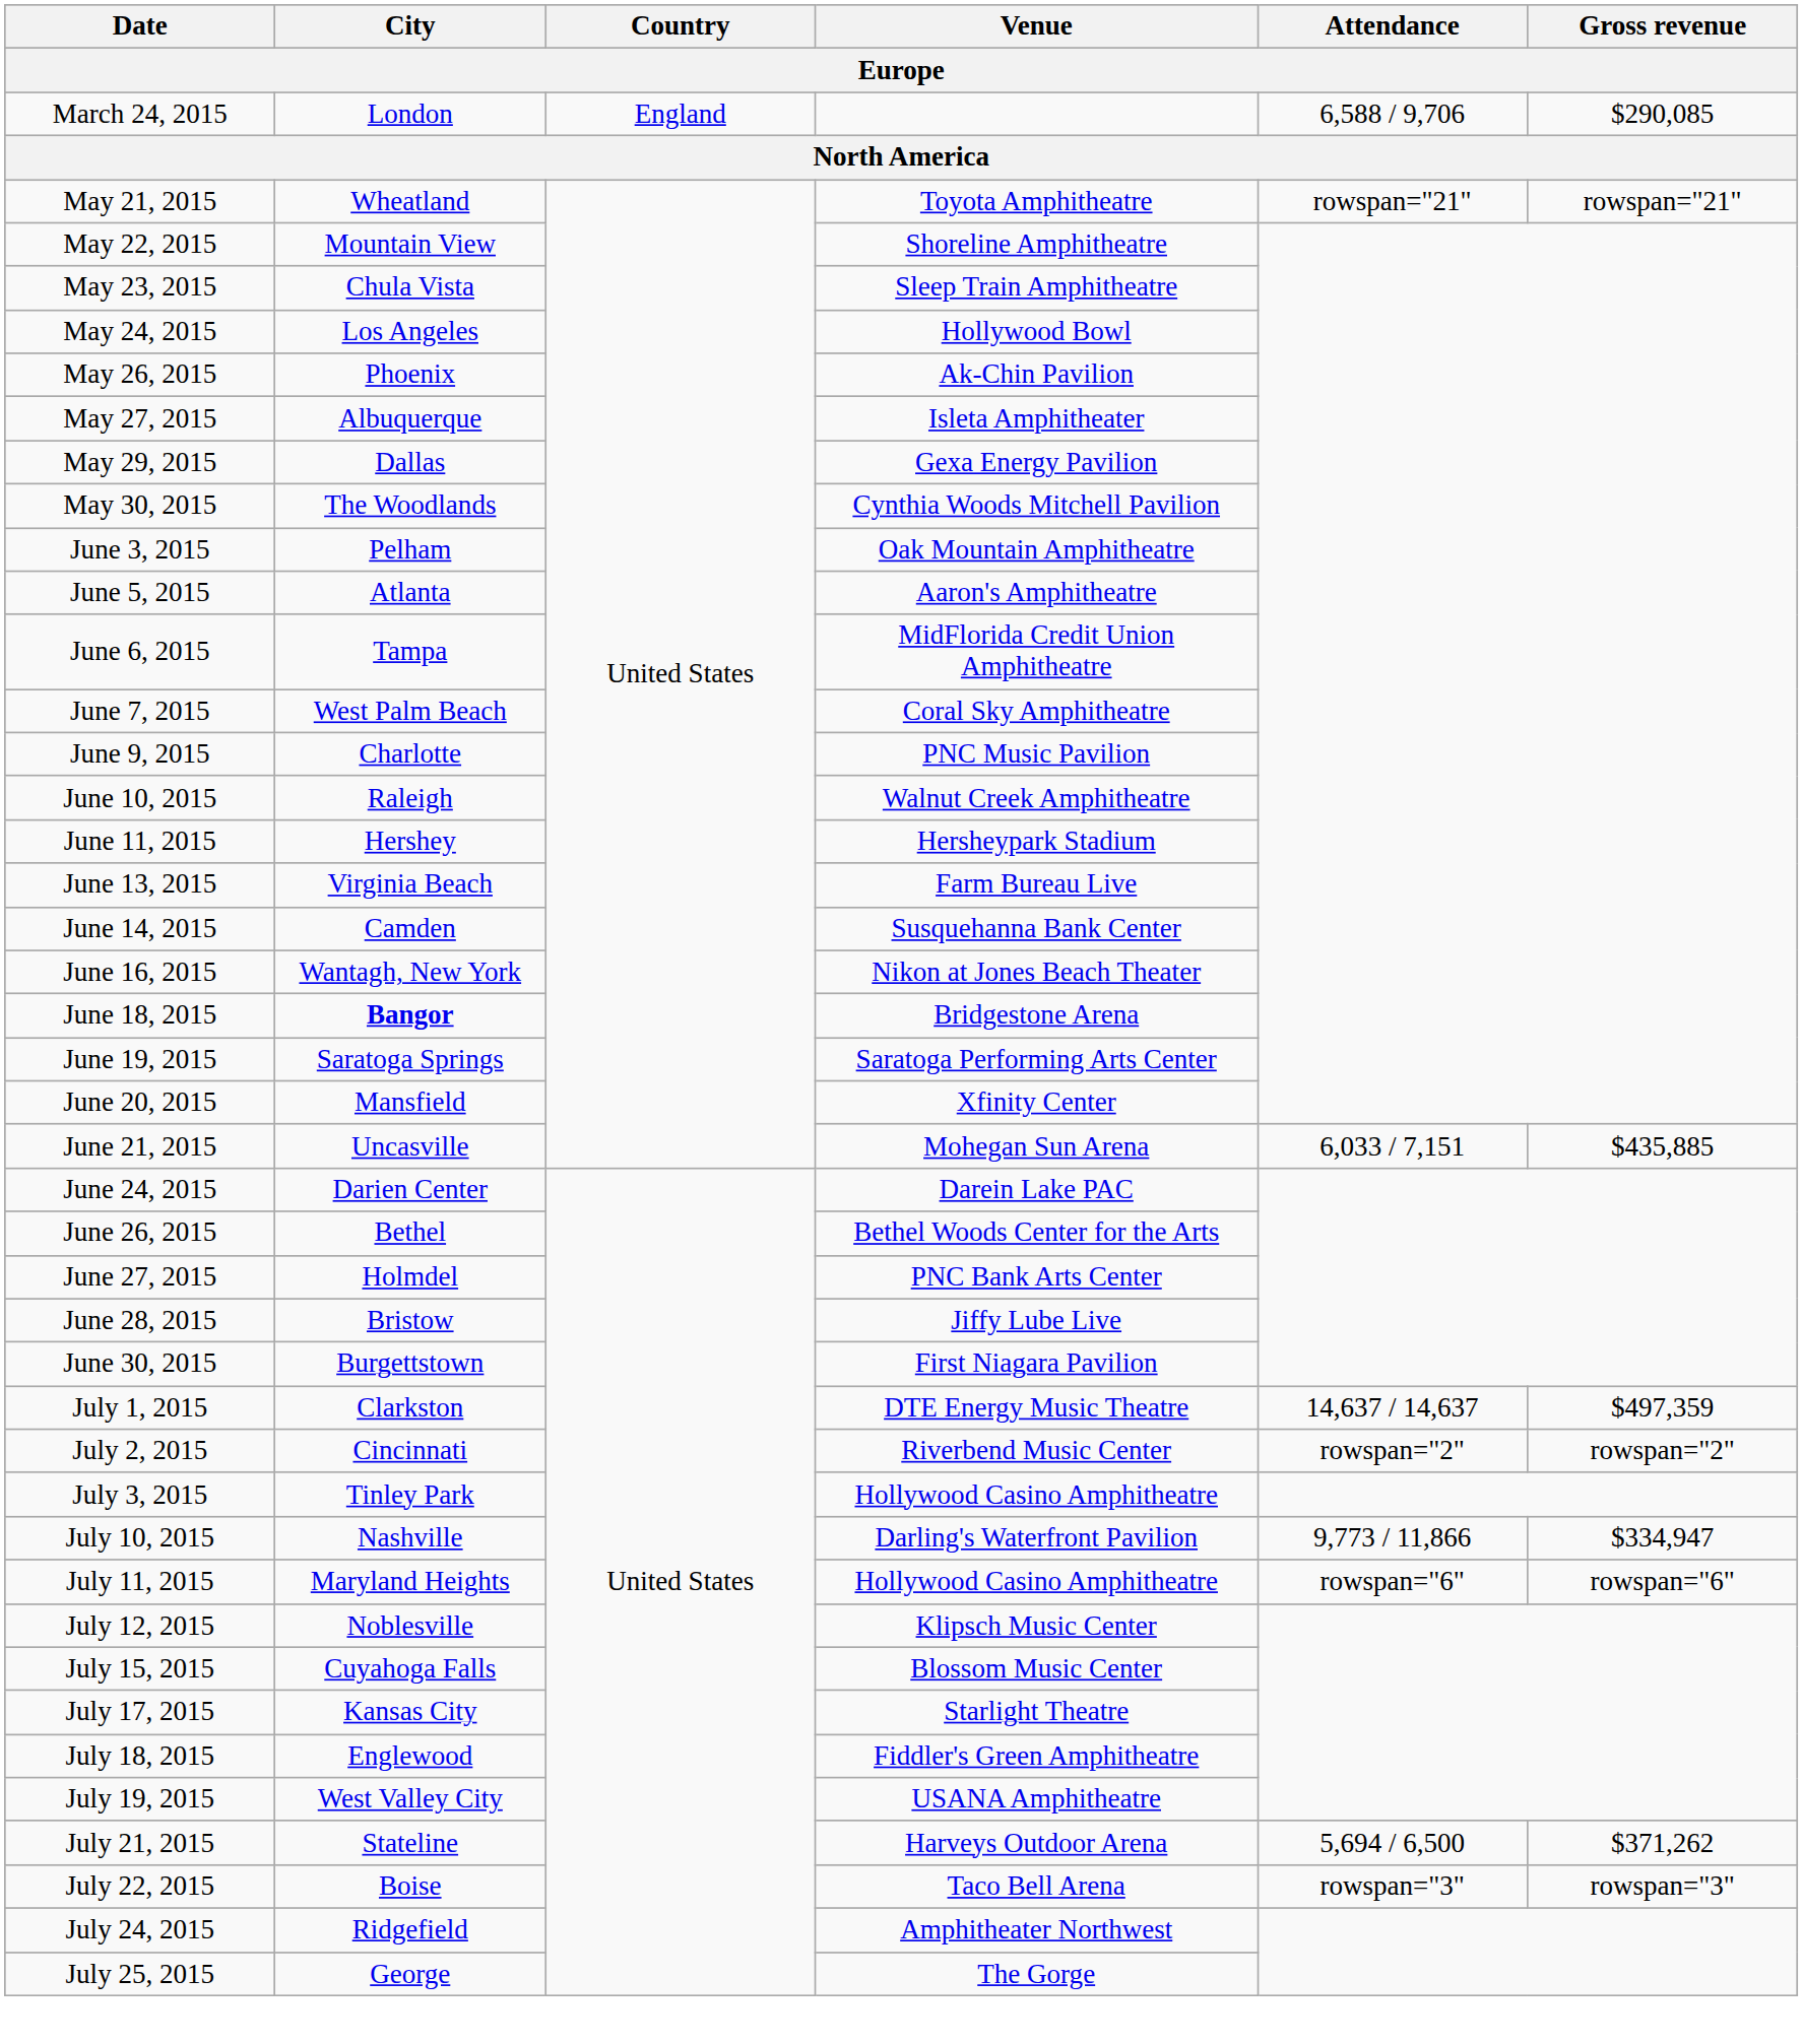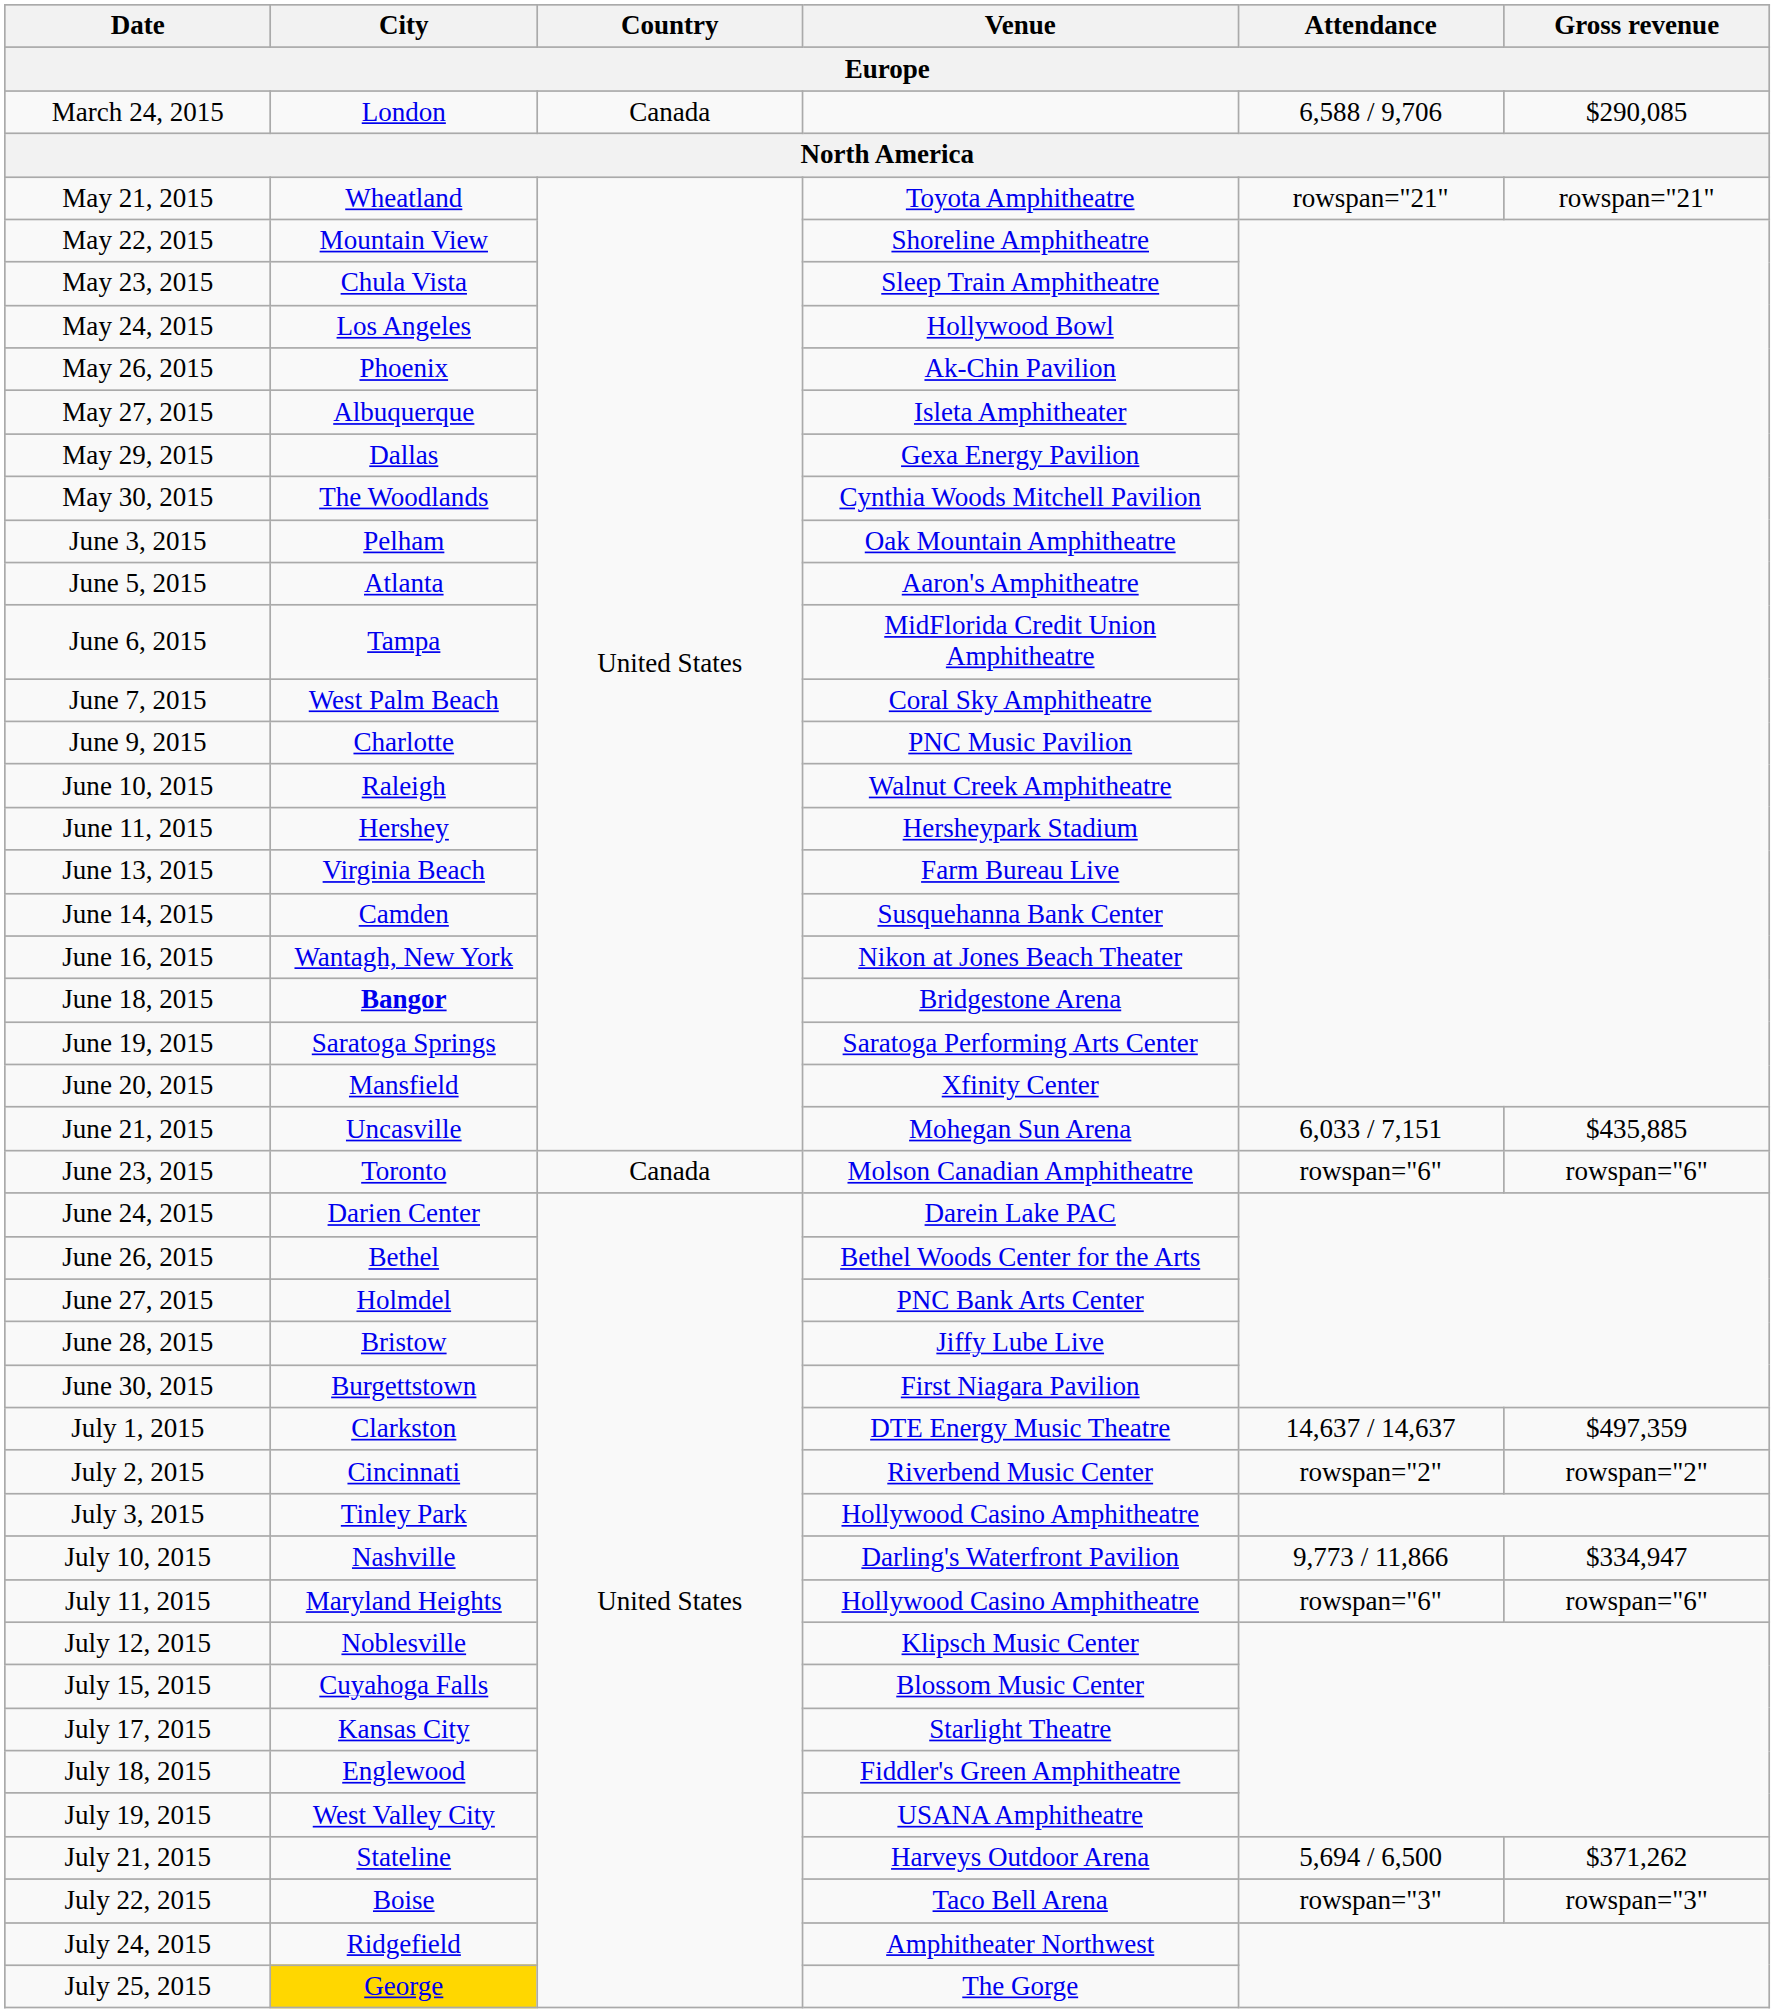 <table class="wikitable" style="text-align:center;" class="wikitable collapsible collapsed">
 <tr>
 <th width="150">Date</th>
 <th width="150">City</th>
 <th width="150">Country</th>
 <th width="250">Venue</th>
 <th width="150">Attendance</th>
 <th width="150">Gross revenue</th>
 </tr>
 <tr>
 <th colspan="6">Europe</th>
 </tr>
 <tr>
 <td>March 24, 2015</td>
 <td><a href='#'>London</a></td>
-<td><a href='#'>England</a></td>
+<td>Canada</td>
 <td></td>
 <td>6,588 / 9,706</td>
 <td>$290,085</td>
 </tr>
 <tr>
 <th colspan="6">North America</th>
 </tr>
 <tr>
 <td>May 21, 2015</td>
 <td><a href='#'>Wheatland</a></td>
 <td rowspan="22">United States</td>
 <td><a href='#'>Toyota Amphitheatre</a></td>
 <td>rowspan="21" </td>
 <td>rowspan="21" </td>
 </tr>
 <tr>
 <td>May 22, 2015</td>
 <td><a href='#'>Mountain View</a></td>
 <td><a href='#'>Shoreline Amphitheatre</a></td>
 </tr>
 <tr>
 <td>May 23, 2015</td>
 <td><a href='#'>Chula Vista</a></td>
 <td><a href='#'>Sleep Train Amphitheatre</a></td>
 </tr>
 <tr>
 <td>May 24, 2015</td>
 <td><a href='#'>Los Angeles</a></td>
 <td><a href='#'>Hollywood Bowl</a></td>
 </tr>
 <tr>
 <td>May 26, 2015</td>
 <td><a href='#'>Phoenix</a></td>
 <td><a href='#'>Ak-Chin Pavilion</a></td>
 </tr>
 <tr>
 <td>May 27, 2015</td>
 <td><a href='#'>Albuquerque</a></td>
 <td><a href='#'>Isleta Amphitheater</a></td>
 </tr>
 <tr>
 <td>May 29, 2015</td>
 <td><a href='#'>Dallas</a></td>
 <td><a href='#'>Gexa Energy Pavilion</a></td>
 </tr>
 <tr>
 <td>May 30, 2015</td>
 <td><a href='#'>The Woodlands</a></td>
 <td><a href='#'>Cynthia Woods Mitchell Pavilion</a></td>
 </tr>
 <tr>
 <td>June 3, 2015</td>
 <td><a href='#'>Pelham</a></td>
 <td><a href='#'>Oak Mountain Amphitheatre</a></td>
 </tr>
 <tr>
 <td>June 5, 2015</td>
 <td><a href='#'>Atlanta</a></td>
 <td><a href='#'>Aaron's Amphitheatre</a></td>
 </tr>
 <tr>
 <td>June 6, 2015</td>
 <td><a href='#'>Tampa</a></td>
 <td><a href='#'>MidFlorida Credit Union Amphitheatre</a></td>
 </tr>
 <tr>
 <td>June 7, 2015</td>
 <td><a href='#'>West Palm Beach</a></td>
 <td><a href='#'>Coral Sky Amphitheatre</a></td>
 </tr>
 <tr>
 <td>June 9, 2015</td>
 <td><a href='#'>Charlotte</a></td>
 <td><a href='#'>PNC Music Pavilion</a></td>
 </tr>
 <tr>
 <td>June 10, 2015</td>
 <td><a href='#'>Raleigh</a></td>
 <td><a href='#'>Walnut Creek Amphitheatre</a></td>
 </tr>
 <tr>
 <td>June 11, 2015</td>
 <td><a href='#'>Hershey</a></td>
 <td><a href='#'>Hersheypark Stadium</a></td>
 </tr>
 <tr>
 <td>June 13, 2015</td>
 <td><a href='#'>Virginia Beach</a></td>
 <td><a href='#'>Farm Bureau Live</a></td>
 </tr>
 <tr>
 <td>June 14, 2015</td>
 <td><a href='#'>Camden</a></td>
 <td><a href='#'>Susquehanna Bank Center</a></td>
 </tr>
 <tr>
 <td>June 16, 2015</td>
 <td><a href='#'>Wantagh, New York</a></td>
 <td><a href='#'>Nikon at Jones Beach Theater</a></td>
 </tr>
 <tr>
 <td>June 18, 2015</td>
 <td><strong><a href='#'>Bangor</a></strong></td>
 <td><a href='#'>Bridgestone Arena</a></td>
 </tr>
 <tr>
 <td>June 19, 2015</td>
 <td><a href='#'>Saratoga Springs</a></td>
 <td><a href='#'>Saratoga Performing Arts Center</a></td>
 </tr>
 <tr>
 <td>June 20, 2015</td>
 <td><a href='#'>Mansfield</a></td>
 <td><a href='#'>Xfinity Center</a></td>
 </tr>
 <tr>
 <td>June 21, 2015</td>
 <td><a href='#'>Uncasville</a></td>
 <td><a href='#'>Mohegan Sun Arena</a></td>
 <td>6,033 / 7,151</td>
 <td>$435,885</td>
 </tr>
 <tr>
+<td>June 23, 2015</td>
+<td><a href='#'>Toronto</a></td>
+<td>Canada</td>
+<td><a href='#'>Molson Canadian Amphitheatre</a></td>
+<td>rowspan="6" </td>
+<td>rowspan="6" </td>
+</tr>
+<tr>
 <td>June 24, 2015</td>
 <td><a href='#'>Darien Center</a></td>
 <td rowspan="19">United States</td>
 <td><a href='#'>Darein Lake PAC</a></td>
 </tr>
 <tr>
 <td>June 26, 2015</td>
 <td><a href='#'>Bethel</a></td>
 <td><a href='#'>Bethel Woods Center for the Arts</a></td>
 </tr>
 <tr>
 <td>June 27, 2015</td>
 <td><a href='#'>Holmdel</a></td>
 <td><a href='#'>PNC Bank Arts Center</a></td>
 </tr>
 <tr>
 <td>June 28, 2015</td>
 <td><a href='#'>Bristow</a></td>
 <td><a href='#'>Jiffy Lube Live</a></td>
 </tr>
 <tr>
 <td>June 30, 2015</td>
 <td><a href='#'>Burgettstown</a></td>
 <td><a href='#'>First Niagara Pavilion</a></td>
 </tr>
 <tr>
 <td>July 1, 2015</td>
 <td><a href='#'>Clarkston</a></td>
 <td><a href='#'>DTE Energy Music Theatre</a></td>
 <td>14,637 / 14,637</td>
 <td>$497,359</td>
 </tr>
 <tr>
 <td>July 2, 2015</td>
 <td><a href='#'>Cincinnati</a></td>
 <td><a href='#'>Riverbend Music Center</a></td>
 <td>rowspan="2" </td>
 <td>rowspan="2" </td>
 </tr>
 <tr>
 <td>July 3, 2015</td>
 <td><a href='#'>Tinley Park</a></td>
 <td><a href='#'>Hollywood Casino Amphitheatre</a></td>
 </tr>
 <tr>
 <td>July 10, 2015</td>
 <td><a href='#'>Nashville</a></td>
 <td><a href='#'>Darling's Waterfront Pavilion</a></td>
 <td>9,773 / 11,866</td>
 <td>$334,947</td>
 </tr>
 <tr>
 <td>July 11, 2015</td>
 <td><a href='#'>Maryland Heights</a></td>
 <td><a href='#'>Hollywood Casino Amphitheatre</a></td>
 <td>rowspan="6" </td>
 <td>rowspan="6" </td>
 </tr>
 <tr>
 <td>July 12, 2015</td>
 <td><a href='#'>Noblesville</a></td>
 <td><a href='#'>Klipsch Music Center</a></td>
 </tr>
 <tr>
 <td>July 15, 2015</td>
 <td><a href='#'>Cuyahoga Falls</a></td>
 <td><a href='#'>Blossom Music Center</a></td>
 </tr>
 <tr>
 <td>July 17, 2015</td>
 <td><a href='#'>Kansas City</a></td>
 <td><a href='#'>Starlight Theatre</a></td>
 </tr>
 <tr>
 <td>July 18, 2015</td>
 <td><a href='#'>Englewood</a></td>
 <td><a href='#'>Fiddler's Green Amphitheatre</a></td>
 </tr>
 <tr>
 <td>July 19, 2015</td>
 <td><a href='#'>West Valley City</a></td>
 <td><a href='#'>USANA Amphitheatre</a></td>
 </tr>
 <tr>
 <td>July 21, 2015</td>
 <td><a href='#'>Stateline</a></td>
 <td><a href='#'>Harveys Outdoor Arena</a></td>
 <td>5,694 / 6,500</td>
 <td>$371,262</td>
 </tr>
 <tr>
 <td>July 22, 2015</td>
 <td><a href='#'>Boise</a></td>
 <td><a href='#'>Taco Bell Arena</a></td>
 <td>rowspan="3" </td>
 <td>rowspan="3" </td>
 </tr>
 <tr>
 <td>July 24, 2015</td>
 <td><a href='#'>Ridgefield</a></td>
 <td><a href='#'>Amphitheater Northwest</a></td>
 </tr>
 <tr>
 <td>July 25, 2015</td>
-<td><a href='#'>George</a></td>
+<td style="background: gold;"><a href='#'>George</a></td>
 <td><a href='#'>The Gorge</a></td>
 </tr>
 </table>
